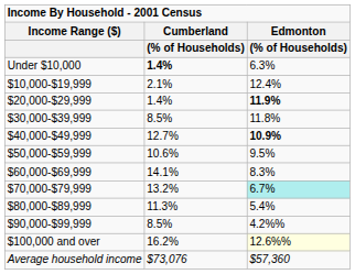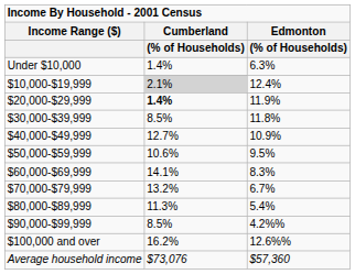 <table class="wikitable">
 <tr>
 <td colspan="3"><strong>Income By Household - 2001 Census</strong></td>
 </tr>
 <tr>
 <th>Income Range ($)</th>
 <th>Cumberland</th>
 <th>Edmonton</th>
 </tr>
 <tr>
 <th></th>
 <th>(% of Households)</th>
 <th>(% of Households)</th>
 </tr>
 <tr>
 <td>Under $10,000</td>
-<td><strong>1.4%</strong></td>
+<td>1.4%</td>
 <td>6.3%</td>
 </tr>
 <tr>
 <td>$10,000-$19,999</td>
-<td>2.1%</td>
+<td style="background: lightgrey;">2.1%</td>
 <td>12.4%</td>
 </tr>
 <tr>
 <td>$20,000-$29,999</td>
-<td>1.4%</td>
-<td><strong>11.9%</strong></td>
+<td><strong>1.4%</strong></td>
+<td>11.9%</td>
 </tr>
 <tr>
 <td>$30,000-$39,999</td>
 <td>8.5%</td>
 <td>11.8%</td>
 </tr>
 <tr>
 <td>$40,000-$49,999</td>
 <td>12.7%</td>
-<td><strong>10.9%</strong></td>
+<td>10.9%</td>
 </tr>
 <tr>
 <td>$50,000-$59,999</td>
 <td>10.6%</td>
 <td>9.5%</td>
 </tr>
 <tr>
 <td>$60,000-$69,999</td>
 <td>14.1%</td>
 <td>8.3%</td>
 </tr>
 <tr>
 <td>$70,000-$79,999</td>
 <td>13.2%</td>
-<td style="background: paleturquoise;">6.7%</td>
+<td>6.7%</td>
 </tr>
 <tr>
 <td>$80,000-$89,999</td>
 <td>11.3%</td>
 <td>5.4%</td>
 </tr>
 <tr>
 <td>$90,000-$99,999</td>
 <td>8.5%</td>
 <td>4.2%%</td>
 </tr>
 <tr>
 <td>$100,000 and over</td>
 <td>16.2%</td>
-<td style="background: lightyellow;">12.6%%</td>
+<td>12.6%%</td>
 </tr>
 <tr>
 <td><em>Average household income</em></td>
 <td><em>$73,076</em></td>
 <td><em>$57,360</em></td>
 </tr>
 </table>
